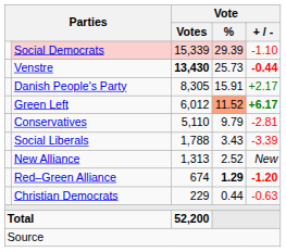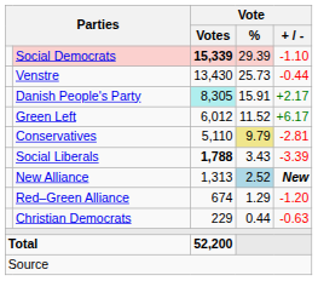 <table class="wikitable" style="text-align:right;">
 <tr>
 <th style="text-align:centre;" rowspan="2" colspan="2" width="225">Parties</th>
 <th colspan="3">Vote</th>
 </tr>
 <tr>
 <th width="15">Votes</th>
 <th width="15">%</th>
 <th width="15">+ / -</th>
 </tr>
 <tr>
 <td width="2" style="color:inherit;background:"></td>
 <td bgcolor=#fbd0ce  align="left"><a href='#'>Social Democrats</a></td>
-<td bgcolor=#fbd0ce>15,339</td>
+<td bgcolor=#fbd0ce><strong>15,339</strong></td>
 <td bgcolor=#fbd0ce>29.39</td>
 <td style=color:red;>-1.10</td>
 </tr>
 <tr>
 <td width="2" style="color:inherit;background:"></td>
 <td align="left"><a href='#'>Venstre</a></td>
-<td><strong>13,430</strong></td>
+<td>13,430</td>
 <td>25.73</td>
-<td style=color:red;><strong>-0.44</strong></td>
+<td style=color:red;>-0.44</td>
 </tr>
 <tr>
 <td width="2" style="color:inherit;background:"></td>
 <td align="left"><a href='#'>Danish People's Party</a></td>
-<td>8,305</td>
+<td style="background: paleturquoise;">8,305</td>
 <td>15.91</td>
 <td style=color:green;>+2.17</td>
 </tr>
 <tr>
 <td width="2" style="color:inherit;background:"></td>
 <td align="left"><a href='#'>Green Left</a></td>
 <td>6,012</td>
-<td style="background: lightsalmon;">11.52</td>
-<td style=color:green;><strong>+6.17</strong></td>
+<td>11.52</td>
+<td style=color:green;>+6.17</td>
 </tr>
 <tr>
 <td width="2" style="color:inherit;background:"></td>
 <td align="left"><a href='#'>Conservatives</a></td>
 <td>5,110</td>
-<td>9.79</td>
+<td style="background: khaki;">9.79</td>
 <td style=color:red;>-2.81</td>
 </tr>
 <tr>
 <td width="2" style="color:inherit;background:"></td>
 <td align="left"><a href='#'>Social Liberals</a></td>
-<td>1,788</td>
+<td><strong>1,788</strong></td>
 <td>3.43</td>
 <td style=color:red;>-3.39</td>
 </tr>
 <tr>
 <td width="2" style="color:inherit;background:"></td>
 <td align="left"><a href='#'>New Alliance</a></td>
 <td>1,313</td>
-<td>2.52</td>
-<td><em>New</em></td>
+<td style="background: lightblue;">2.52</td>
+<td><strong><em>New</em></strong></td>
 </tr>
 <tr>
 <td width="2" style="color:inherit;background:"></td>
 <td align="left"><a href='#'>Red–Green Alliance</a></td>
 <td>674</td>
-<td><strong>1.29</strong></td>
-<td style=color:red;><strong>-1.20</strong></td>
+<td>1.29</td>
+<td style=color:red;>-1.20</td>
 </tr>
 <tr>
 <td width="2" style="color:inherit;background:"></td>
 <td align="left"><a href='#'>Christian Democrats</a></td>
 <td>229</td>
 <td>0.44</td>
 <td style=color:red;>-0.63</td>
 </tr>
 <tr>
 <td colspan="7" bgcolor="#E9E9E9"></td>
 </tr>
 <tr>
 <td align="left" colspan="2"><strong>Total</strong></td>
 <td><strong>52,200</strong></td>
 <td bgcolor="#E9E9E9" colspan="2"></td>
 </tr>
 <tr>
 <td align="left" colspan="6">Source</td>
 </tr>
 </table>
